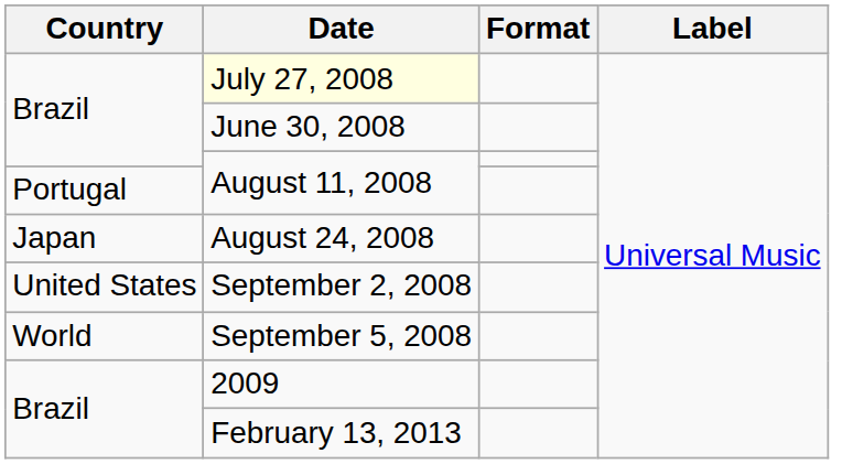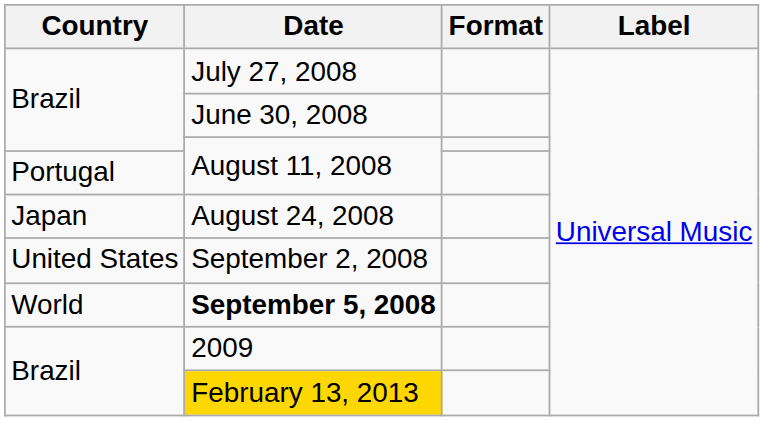 <table class="wikitable plainrowheaders">
 <tr>
 <th scope="col">Country</th>
 <th scope="col">Date</th>
 <th scope="col">Format</th>
 <th scope="col">Label</th>
 </tr>
 <tr>
 <td rowspan="3">Brazil</td>
-<td rowspan="1" style="background: lightyellow;">July 27, 2008</td>
+<td rowspan="1">July 27, 2008</td>
 <td rowspan="1"></td>
 <td rowspan="9"><a href='#'>Universal Music</a></td>
 </tr>
 <tr>
 <td rowspan="1">June 30, 2008</td>
 <td rowspan="1"></td>
 </tr>
 <tr>
 <td rowspan="2">August 11, 2008</td>
 <td rowspan="1"></td>
 </tr>
 <tr>
 <td rowspan="1">Portugal</td>
 <td rowspan="1"></td>
 </tr>
 <tr>
 <td rowspan="1">Japan</td>
 <td rowspan="1">August 24, 2008</td>
 <td rowspan="1"></td>
 </tr>
 <tr>
 <td rowspan="1">United States</td>
 <td rowspan="1">September 2, 2008</td>
 <td rowspan="1"></td>
 </tr>
 <tr>
 <td rowspan="1">World</td>
-<td rowspan="1">September 5, 2008</td>
+<td rowspan="1"><strong>September 5, 2008</strong></td>
 <td rowspan="1"></td>
 </tr>
 <tr>
 <td rowspan="2">Brazil</td>
 <td rowspan="1">2009</td>
 <td rowspan="1"></td>
 </tr>
 <tr>
-<td rowspan="1">February 13, 2013</td>
+<td rowspan="1" style="background: gold;">February 13, 2013</td>
 <td rowspan="1"></td>
 </tr>
 </table>
